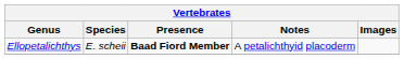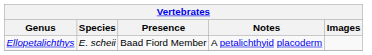 <table class="wikitable" align="center">
 <tr>
 <th colspan="5" align="center"><a href='#'>Vertebrates</a></th>
 </tr>
 <tr>
 <th>Genus</th>
 <th>Species</th>
 <th>Presence</th>
 <th>Notes</th>
 <th>Images</th>
 </tr>
 <tr>
 <td><em><a href='#'>Ellopetalichthys</a></em></td>
 <td><em>E. scheii</em></td>
-<td><strong>Baad Fiord Member</strong></td>
+<td>Baad Fiord Member</td>
 <td align=center>A <a href='#'>petalichthyid</a> <a href='#'>placoderm</a></td>
 <td></td>
 </tr>
 <tr>
 </tr>
 </table>
